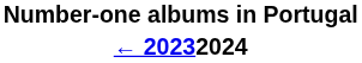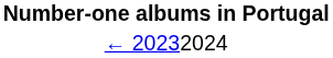 <table class="toc" id="toc" summary="Contents">
 <tr>
 <th>Number-one albums in Portugal</th>
 </tr>
 <tr>
-<td align="center"><strong><a href='#'>← 2023</a>2024</strong></td>
+<td align="center"><a href='#'>← 2023</a>2024</td>
 </tr>
 </table>
